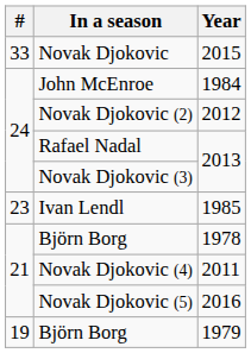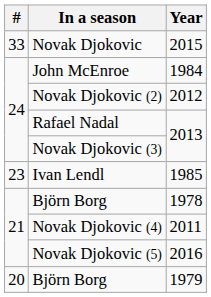 <table class="wikitable" style="display:inline-table;">
 <tr>
 <th>#</th>
 <th>In a season</th>
 <th>Year</th>
 </tr>
 <tr>
 <td>33</td>
 <td> Novak Djokovic</td>
 <td>2015</td>
 </tr>
 <tr>
 <td rowspan="4">24</td>
 <td> John McEnroe</td>
 <td>1984</td>
 </tr>
 <tr>
 <td> Novak Djokovic <small>(2)</small></td>
 <td>2012</td>
 </tr>
 <tr>
 <td> Rafael Nadal</td>
 <td rowspan="2">2013</td>
 </tr>
 <tr>
 <td> Novak Djokovic <small>(3)</small></td>
 </tr>
 <tr>
 <td>23</td>
 <td> Ivan Lendl</td>
 <td>1985</td>
 </tr>
 <tr>
 <td rowspan="3">21</td>
 <td> Björn Borg</td>
 <td>1978</td>
 </tr>
 <tr>
 <td> Novak Djokovic <small>(4)</small></td>
 <td>2011</td>
 </tr>
 <tr>
 <td> Novak Djokovic <small>(5)</small></td>
 <td>2016</td>
 </tr>
 <tr>
-<td>19</td>
+<td>20</td>
 <td> Björn Borg</td>
 <td>1979</td>
 </tr>
 </table>
